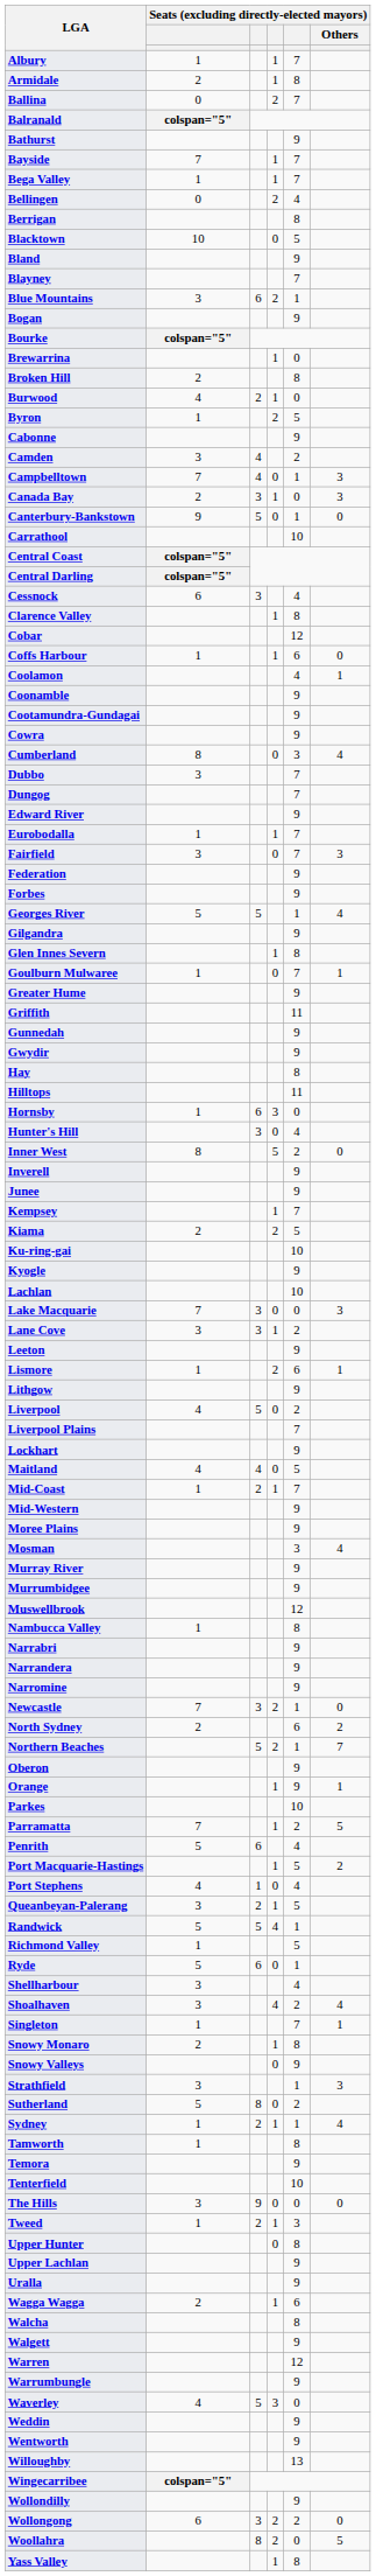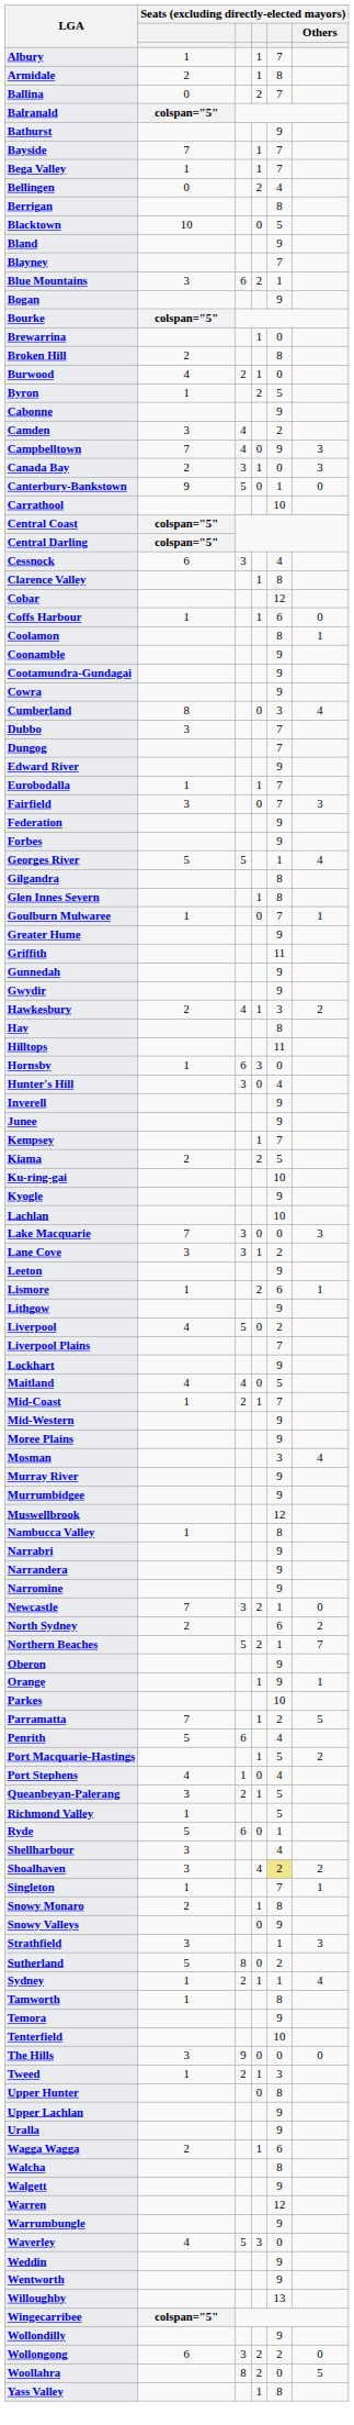 <table class="wikitable sortable">
 <tr>
 <th rowspan="3">LGA</th>
 <th colspan="5">Seats (excluding directly-elected mayors)</th>
 </tr>
 <tr>
 <th></th>
 <th></th>
 <th></th>
 <th></th>
 <th>Others</th>
 </tr>
 <tr>
 <th></th>
 <th></th>
 <th></th>
 <th></th>
 <th class=unsortable></th>
 </tr>
 <tr>
 <td align="left"; style=background:#EAECF0><strong><a href='#'>Albury</a></strong></td>
 <td align="center">1</td>
 <td></td>
 <td align="center">1</td>
 <td align="center">7</td>
 <td></td>
 </tr>
 <tr>
 <td align="left"; style=background:#EAECF0><strong><a href='#'>Armidale</a></strong></td>
 <td align="center">2</td>
 <td></td>
 <td align="center">1</td>
 <td align="center">8</td>
 <td></td>
 </tr>
 <tr>
 <td align="left"; style=background:#EAECF0><strong><a href='#'>Ballina</a></strong></td>
 <td align="center">0</td>
 <td></td>
 <td align="center">2</td>
 <td align="center">7</td>
 <td></td>
 </tr>
 <tr>
 <td align="left"; style=background:#EAECF0><strong><a href='#'>Balranald</a></strong></td>
 <th>colspan="5" </th>
 </tr>
 <tr>
 <td align="left"; style=background:#EAECF0><strong><a href='#'>Bathurst</a></strong></td>
 <td></td>
 <td></td>
 <td></td>
 <td align="center">9</td>
 <td></td>
 </tr>
 <tr>
 <td align="left"; style=background:#EAECF0><strong><a href='#'>Bayside</a></strong></td>
 <td align="center">7</td>
 <td></td>
 <td align="center">1</td>
 <td align="center">7</td>
 <td></td>
 </tr>
 <tr>
 <td align="left"; style=background:#EAECF0><strong><a href='#'>Bega Valley</a></strong></td>
 <td align="center">1</td>
 <td></td>
 <td align="center">1</td>
 <td align="center">7</td>
 <td></td>
 </tr>
 <tr>
 <td align="left"; style=background:#EAECF0><strong><a href='#'>Bellingen</a></strong></td>
 <td align="center">0</td>
 <td></td>
 <td align="center">2</td>
 <td align="center">4</td>
 <td></td>
 </tr>
 <tr>
 <td align="left"; style=background:#EAECF0><strong><a href='#'>Berrigan</a></strong></td>
 <td></td>
 <td></td>
 <td></td>
 <td align="center">8</td>
 <td></td>
 </tr>
 <tr>
 <td align="left"; style=background:#EAECF0><strong><a href='#'>Blacktown</a></strong></td>
 <td align="center">10</td>
 <td></td>
 <td align="center">0</td>
 <td align="center">5</td>
 <td></td>
 </tr>
 <tr>
 <td align="left"; style=background:#EAECF0><strong><a href='#'>Bland</a></strong></td>
 <td></td>
 <td></td>
 <td></td>
 <td align="center">9</td>
 <td></td>
 </tr>
 <tr>
 <td align="left"; style=background:#EAECF0><strong><a href='#'>Blayney</a></strong></td>
 <td></td>
 <td></td>
 <td></td>
 <td align="center">7</td>
 <td></td>
 </tr>
 <tr>
 <td align="left"; style=background:#EAECF0><strong><a href='#'>Blue Mountains</a></strong></td>
 <td align="center">3</td>
 <td align="center">6</td>
 <td align="center">2</td>
 <td align="center">1</td>
 <td></td>
 </tr>
 <tr>
 <td align="left"; style=background:#EAECF0><strong><a href='#'>Bogan</a></strong></td>
 <td></td>
 <td></td>
 <td></td>
 <td align="center">9</td>
 <td></td>
 </tr>
 <tr>
 <td align="left"; style=background:#EAECF0><strong><a href='#'>Bourke</a></strong></td>
 <th>colspan="5" </th>
 </tr>
 <tr>
 <td align="left"; style=background:#EAECF0><strong><a href='#'>Brewarrina</a></strong></td>
 <td></td>
 <td></td>
 <td align="center">1</td>
 <td align="center">0</td>
 <td></td>
 </tr>
 <tr>
 <td align="left"; style=background:#EAECF0><strong><a href='#'>Broken Hill</a></strong></td>
 <td align="center">2</td>
 <td></td>
 <td></td>
 <td align="center">8</td>
 <td></td>
 </tr>
 <tr>
 <td align="left"; style=background:#EAECF0><strong><a href='#'>Burwood</a></strong></td>
 <td align="center">4</td>
 <td align="center">2</td>
 <td align="center">1</td>
 <td align="center">0</td>
 <td></td>
 </tr>
 <tr>
 <td align="left"; style=background:#EAECF0><strong><a href='#'>Byron</a></strong></td>
 <td align="center">1</td>
 <td></td>
 <td align="center">2</td>
 <td align="center">5</td>
 <td></td>
 </tr>
 <tr>
 <td align="left"; style=background:#EAECF0><strong><a href='#'>Cabonne</a></strong></td>
 <td></td>
 <td></td>
 <td></td>
 <td align="center">9</td>
 <td></td>
 </tr>
 <tr>
 <td align="left"; style=background:#EAECF0><strong><a href='#'>Camden</a></strong></td>
 <td align="center">3</td>
 <td align="center">4</td>
 <td></td>
 <td align="center">2</td>
 <td></td>
 </tr>
 <tr>
 <td align="left"; style=background:#EAECF0><strong><a href='#'>Campbelltown</a></strong></td>
 <td align="center">7</td>
 <td align="center">4</td>
 <td align="center">0</td>
-<td align="center">1</td>
+<td align="center">9</td>
 <td align="center">3</td>
 </tr>
 <tr>
 <td align="left"; style=background:#EAECF0><strong><a href='#'>Canada Bay</a></strong></td>
 <td align="center">2</td>
 <td align="center">3</td>
 <td align="center">1</td>
 <td align="center">0</td>
 <td align="center">3</td>
 </tr>
 <tr>
 <td align="left"; style=background:#EAECF0><strong><a href='#'>Canterbury-Bankstown</a></strong></td>
 <td align="center">9</td>
 <td align="center">5</td>
 <td align="center">0</td>
 <td align="center">1</td>
 <td align="center">0</td>
 </tr>
 <tr>
 <td align="left"; style=background:#EAECF0><strong><a href='#'>Carrathool</a></strong></td>
 <td></td>
 <td></td>
 <td></td>
 <td align="center">10</td>
 <td></td>
 </tr>
 <tr>
 <td align="left"; style=background:#EAECF0><strong><a href='#'>Central Coast</a></strong></td>
 <th>colspan="5" </th>
 </tr>
 <tr>
 <td align="left"; style=background:#EAECF0><strong><a href='#'>Central Darling</a></strong></td>
 <th>colspan="5" </th>
 </tr>
 <tr>
 <td align="left"; style=background:#EAECF0><strong><a href='#'>Cessnock</a></strong></td>
 <td align="center">6</td>
 <td align="center">3</td>
 <td></td>
 <td align="center">4</td>
 <td></td>
 </tr>
 <tr>
 <td align="left"; style=background:#EAECF0><strong><a href='#'>Clarence Valley</a></strong></td>
 <td></td>
 <td></td>
 <td align="center">1</td>
 <td align="center">8</td>
 <td></td>
 </tr>
 <tr>
 <td align="left"; style=background:#EAECF0><strong><a href='#'>Cobar</a></strong></td>
 <td></td>
 <td></td>
 <td></td>
 <td align="center">12</td>
 <td></td>
 </tr>
 <tr>
 <td align="left"; style=background:#EAECF0><strong><a href='#'>Coffs Harbour</a></strong></td>
 <td align="center">1</td>
 <td></td>
 <td align="center">1</td>
 <td align="center">6</td>
 <td align="center">0</td>
 </tr>
 <tr>
 <td align="left"; style=background:#EAECF0><strong><a href='#'>Coolamon</a></strong></td>
 <td></td>
 <td></td>
 <td></td>
-<td align="center">4</td>
+<td align="center">8</td>
 <td align="center">1</td>
 </tr>
 <tr>
 <td align="left"; style=background:#EAECF0><strong><a href='#'>Coonamble</a></strong></td>
 <td></td>
 <td></td>
 <td></td>
 <td align="center">9</td>
 <td></td>
 </tr>
 <tr>
 <td align="left"; style=background:#EAECF0><strong><a href='#'>Cootamundra-Gundagai</a></strong></td>
 <td></td>
 <td></td>
 <td></td>
 <td align="center">9</td>
 <td></td>
 </tr>
 <tr>
 <td align="left"; style=background:#EAECF0><strong><a href='#'>Cowra</a></strong></td>
 <td></td>
 <td></td>
 <td></td>
 <td align="center">9</td>
 <td></td>
 </tr>
 <tr>
 <td align="left"; style=background:#EAECF0><strong><a href='#'>Cumberland</a></strong></td>
 <td align="center">8</td>
 <td></td>
 <td align="center">0</td>
 <td align="center">3</td>
 <td align="center">4</td>
 </tr>
 <tr>
 <td align="left"; style=background:#EAECF0><strong><a href='#'>Dubbo</a></strong></td>
 <td align="center">3</td>
 <td></td>
 <td></td>
 <td align="center">7</td>
 <td></td>
 </tr>
 <tr>
 <td align="left"; style=background:#EAECF0><strong><a href='#'>Dungog</a></strong></td>
 <td></td>
 <td></td>
 <td></td>
 <td align="center">7</td>
 <td></td>
 </tr>
 <tr>
 <td align="left"; style=background:#EAECF0><strong><a href='#'>Edward River</a></strong></td>
 <td></td>
 <td></td>
 <td></td>
 <td align="center">9</td>
 <td></td>
 </tr>
 <tr>
 <td align="left"; style=background:#EAECF0><strong><a href='#'>Eurobodalla</a></strong></td>
 <td align="center">1</td>
 <td></td>
 <td align="center">1</td>
 <td align="center">7</td>
 <td></td>
 </tr>
 <tr>
 <td align="left"; style=background:#EAECF0><strong><a href='#'>Fairfield</a></strong></td>
 <td align="center">3</td>
 <td></td>
 <td align="center">0</td>
 <td align="center">7</td>
 <td align="center">3</td>
 </tr>
 <tr>
 <td align="left"; style=background:#EAECF0><strong><a href='#'>Federation</a></strong></td>
 <td></td>
 <td></td>
 <td></td>
 <td align="center">9</td>
 <td></td>
 </tr>
 <tr>
 <td align="left"; style=background:#EAECF0><strong><a href='#'>Forbes</a></strong></td>
 <td></td>
 <td></td>
 <td></td>
 <td align="center">9</td>
 <td></td>
 </tr>
 <tr>
 <td align="left"; style=background:#EAECF0><strong><a href='#'>Georges River</a></strong></td>
 <td align="center">5</td>
 <td align="center">5</td>
 <td></td>
 <td align="center">1</td>
 <td align="center">4</td>
 </tr>
 <tr>
 <td align="left"; style=background:#EAECF0><strong><a href='#'>Gilgandra</a></strong></td>
 <td></td>
 <td></td>
 <td></td>
-<td align="center">9</td>
+<td align="center">8</td>
 <td></td>
 </tr>
 <tr>
 <td align="left"; style=background:#EAECF0><strong><a href='#'>Glen Innes Severn</a></strong></td>
 <td></td>
 <td></td>
 <td align="center">1</td>
 <td align="center">8</td>
 <td></td>
 </tr>
 <tr>
 <td align="left"; style=background:#EAECF0><strong><a href='#'>Goulburn Mulwaree</a></strong></td>
 <td align="center">1</td>
 <td></td>
 <td align="center">0</td>
 <td align="center">7</td>
 <td align="center">1</td>
 </tr>
 <tr>
 <td align="left"; style=background:#EAECF0><strong><a href='#'>Greater Hume</a></strong></td>
 <td></td>
 <td></td>
 <td></td>
 <td align="center">9</td>
 <td></td>
 </tr>
 <tr>
 <td align="left"; style=background:#EAECF0><strong><a href='#'>Griffith</a></strong></td>
 <td></td>
 <td></td>
 <td></td>
 <td align="center">11</td>
 <td></td>
 </tr>
 <tr>
 <td align="left"; style=background:#EAECF0><strong><a href='#'>Gunnedah</a></strong></td>
 <td></td>
 <td></td>
 <td></td>
 <td align="center">9</td>
 <td></td>
 </tr>
 <tr>
 <td align="left"; style=background:#EAECF0><strong><a href='#'>Gwydir</a></strong></td>
 <td></td>
 <td></td>
 <td></td>
 <td align="center">9</td>
 <td></td>
 </tr>
 <tr>
+<td align="left"; style=background:#EAECF0><strong><a href='#'>Hawkesbury</a></strong></td>
+<td align="center">2</td>
+<td align="center">4</td>
+<td align="center">1</td>
+<td align="center">3</td>
+<td align="center">2</td>
+</tr>
+<tr>
 <td align="left"; style=background:#EAECF0><strong><a href='#'>Hay</a></strong></td>
 <td></td>
 <td></td>
 <td></td>
 <td align="center">8</td>
 <td></td>
 </tr>
 <tr>
 <td align="left"; style=background:#EAECF0><strong><a href='#'>Hilltops</a></strong></td>
 <td></td>
 <td></td>
 <td></td>
 <td align="center">11</td>
 <td></td>
 </tr>
 <tr>
 <td align="left"; style=background:#EAECF0><strong><a href='#'>Hornsby</a></strong></td>
 <td align="center">1</td>
 <td align="center">6</td>
 <td align="center">3</td>
 <td align="center">0</td>
 <td></td>
 </tr>
 <tr>
 <td align="left"; style=background:#EAECF0><strong><a href='#'>Hunter's Hill</a></strong></td>
 <td></td>
 <td align="center">3</td>
 <td align="center">0</td>
 <td align="center">4</td>
 <td></td>
-</tr>
-<tr>
-<td align="left"; style=background:#EAECF0><strong><a href='#'>Inner West</a></strong></td>
-<td align="center">8</td>
-<td></td>
-<td align="center">5</td>
-<td align="center">2</td>
-<td align="center">0</td>
 </tr>
 <tr>
 <td align="left"; style=background:#EAECF0><strong><a href='#'>Inverell</a></strong></td>
 <td></td>
 <td></td>
 <td></td>
 <td align="center">9</td>
 <td></td>
 </tr>
 <tr>
 <td align="left"; style=background:#EAECF0><strong><a href='#'>Junee</a></strong></td>
 <td></td>
 <td></td>
 <td></td>
 <td align="center">9</td>
 <td></td>
 </tr>
 <tr>
 <td align="left"; style=background:#EAECF0><strong><a href='#'>Kempsey</a></strong></td>
 <td></td>
 <td></td>
 <td align="center">1</td>
 <td align="center">7</td>
 <td></td>
 </tr>
 <tr>
 <td align="left"; style=background:#EAECF0><strong><a href='#'>Kiama</a></strong></td>
 <td align="center">2</td>
 <td></td>
 <td align="center">2</td>
 <td align="center">5</td>
 <td></td>
 </tr>
 <tr>
 <td align="left"; style=background:#EAECF0><strong><a href='#'>Ku-ring-gai</a></strong></td>
 <td></td>
 <td></td>
 <td></td>
 <td align="center">10</td>
 <td></td>
 </tr>
 <tr>
 <td align="left"; style=background:#EAECF0><strong><a href='#'>Kyogle</a></strong></td>
 <td></td>
 <td></td>
 <td></td>
 <td align="center">9</td>
 <td></td>
 </tr>
 <tr>
 <td align="left"; style=background:#EAECF0><strong><a href='#'>Lachlan</a></strong></td>
 <td></td>
 <td></td>
 <td></td>
 <td align="center">10</td>
 <td></td>
 </tr>
 <tr>
 <td align="left"; style=background:#EAECF0><strong><a href='#'>Lake Macquarie</a></strong></td>
 <td align="center">7</td>
 <td align="center">3</td>
 <td align="center">0</td>
 <td align="center">0</td>
 <td align="center">3</td>
 </tr>
 <tr>
 <td align="left"; style=background:#EAECF0><strong><a href='#'>Lane Cove</a></strong></td>
 <td align="center">3</td>
 <td align="center">3</td>
 <td align="center">1</td>
 <td align="center">2</td>
 <td></td>
 </tr>
 <tr>
 <td align="left"; style=background:#EAECF0><strong><a href='#'>Leeton</a></strong></td>
 <td></td>
 <td></td>
 <td></td>
 <td align="center">9</td>
 <td></td>
 </tr>
 <tr>
 <td align="left"; style=background:#EAECF0><strong><a href='#'>Lismore</a></strong></td>
 <td align="center">1</td>
 <td></td>
 <td align="center">2</td>
 <td align="center">6</td>
 <td align="center">1</td>
 </tr>
 <tr>
 <td align="left"; style=background:#EAECF0><strong><a href='#'>Lithgow</a></strong></td>
 <td></td>
 <td></td>
 <td></td>
 <td align="center">9</td>
 <td></td>
 </tr>
 <tr>
 <td align="left"; style=background:#EAECF0><strong><a href='#'>Liverpool</a></strong></td>
 <td align="center">4</td>
 <td align="center">5</td>
 <td align="center">0</td>
 <td align="center">2</td>
 <td></td>
 </tr>
 <tr>
 <td align="left"; style=background:#EAECF0><strong><a href='#'>Liverpool Plains</a></strong></td>
 <td></td>
 <td></td>
 <td></td>
 <td align="center">7</td>
 <td></td>
 </tr>
 <tr>
 <td align="left"; style=background:#EAECF0><strong><a href='#'>Lockhart</a></strong></td>
 <td></td>
 <td></td>
 <td></td>
 <td align="center">9</td>
 <td></td>
 </tr>
 <tr>
 <td align="left"; style=background:#EAECF0><strong><a href='#'>Maitland</a></strong></td>
 <td align="center">4</td>
 <td align="center">4</td>
 <td align="center">0</td>
 <td align="center">5</td>
 <td></td>
 </tr>
 <tr>
 <td align="left"; style=background:#EAECF0><strong><a href='#'>Mid-Coast</a></strong></td>
 <td align="center">1</td>
 <td align="center">2</td>
 <td align="center">1</td>
 <td align="center">7</td>
 <td></td>
 </tr>
 <tr>
 <td align="left"; style=background:#EAECF0><strong><a href='#'>Mid-Western</a></strong></td>
 <td></td>
 <td></td>
 <td></td>
 <td align="center">9</td>
 <td></td>
 </tr>
 <tr>
 <td align="left"; style=background:#EAECF0><strong><a href='#'>Moree Plains</a></strong></td>
 <td></td>
 <td></td>
 <td></td>
 <td align="center">9</td>
 <td></td>
 </tr>
 <tr>
 <td align="left"; style=background:#EAECF0><strong><a href='#'>Mosman</a></strong></td>
 <td></td>
 <td></td>
 <td></td>
 <td align="center">3</td>
 <td align="center">4</td>
 </tr>
 <tr>
 <td align="left"; style=background:#EAECF0><strong><a href='#'>Murray River</a></strong></td>
 <td></td>
 <td></td>
 <td></td>
 <td align="center">9</td>
 <td></td>
 </tr>
 <tr>
 <td align="left"; style=background:#EAECF0><strong><a href='#'>Murrumbidgee</a></strong></td>
 <td></td>
 <td></td>
 <td></td>
 <td align="center">9</td>
 <td></td>
 </tr>
 <tr>
 <td align="left"; style=background:#EAECF0><strong><a href='#'>Muswellbrook</a></strong></td>
 <td></td>
 <td></td>
 <td></td>
 <td align="center">12</td>
 <td></td>
 </tr>
 <tr>
 <td align="left"; style=background:#EAECF0><strong><a href='#'>Nambucca Valley</a></strong></td>
 <td align="center">1</td>
 <td></td>
 <td></td>
 <td align="center">8</td>
 <td></td>
 </tr>
 <tr>
 <td align="left"; style=background:#EAECF0><strong><a href='#'>Narrabri</a></strong></td>
 <td></td>
 <td></td>
 <td></td>
 <td align="center">9</td>
 <td></td>
 </tr>
 <tr>
 <td align="left"; style=background:#EAECF0><strong><a href='#'>Narrandera</a></strong></td>
 <td></td>
 <td></td>
 <td></td>
 <td align="center">9</td>
 <td></td>
 </tr>
 <tr>
 <td align="left"; style=background:#EAECF0><strong><a href='#'>Narromine</a></strong></td>
 <td></td>
 <td></td>
 <td></td>
 <td align="center">9</td>
 <td></td>
 </tr>
 <tr>
 <td align="left"; style=background:#EAECF0><strong><a href='#'>Newcastle</a></strong></td>
 <td align="center">7</td>
 <td align="center">3</td>
 <td align="center">2</td>
 <td align="center">1</td>
 <td align="center">0</td>
 </tr>
 <tr>
 <td align="left"; style=background:#EAECF0><strong><a href='#'>North Sydney</a></strong></td>
 <td align="center">2</td>
 <td></td>
 <td></td>
 <td align="center">6</td>
 <td align="center">2</td>
 </tr>
 <tr>
 <td align="left"; style=background:#EAECF0><strong><a href='#'>Northern Beaches</a></strong></td>
 <td></td>
 <td align="center">5</td>
 <td align="center">2</td>
 <td align="center">1</td>
 <td align="center">7</td>
 </tr>
 <tr>
 <td align="left"; style=background:#EAECF0><strong><a href='#'>Oberon</a></strong></td>
 <td></td>
 <td></td>
 <td></td>
 <td align="center">9</td>
 <td></td>
 </tr>
 <tr>
 <td align="left"; style=background:#EAECF0><strong><a href='#'>Orange</a></strong></td>
 <td></td>
 <td></td>
 <td align="center">1</td>
 <td align="center">9</td>
 <td align="center">1</td>
 </tr>
 <tr>
 <td align="left"; style=background:#EAECF0><strong><a href='#'>Parkes</a></strong></td>
 <td></td>
 <td></td>
 <td></td>
 <td align="center">10</td>
 <td></td>
 </tr>
 <tr>
 <td align="left"; style=background:#EAECF0><strong><a href='#'>Parramatta</a></strong></td>
 <td align="center">7</td>
 <td></td>
 <td align="center">1</td>
 <td align="center">2</td>
 <td align="center">5</td>
 </tr>
 <tr>
 <td align="left"; style=background:#EAECF0><strong><a href='#'>Penrith</a></strong></td>
 <td align="center">5</td>
 <td align="center">6</td>
 <td></td>
 <td align="center">4</td>
 <td></td>
 </tr>
 <tr>
 <td align="left"; style=background:#EAECF0><strong><a href='#'>Port Macquarie-Hastings</a></strong></td>
 <td></td>
 <td></td>
 <td align="center">1</td>
 <td align="center">5</td>
 <td align="center">2</td>
 </tr>
 <tr>
 <td align="left"; style=background:#EAECF0><strong><a href='#'>Port Stephens</a></strong></td>
 <td align="center">4</td>
 <td align="center">1</td>
 <td align="center">0</td>
 <td align="center">4</td>
 <td></td>
 </tr>
 <tr>
 <td align="left"; style=background:#EAECF0><strong><a href='#'>Queanbeyan-Palerang</a></strong></td>
 <td align="center">3</td>
 <td align="center">2</td>
 <td align="center">1</td>
 <td align="center">5</td>
 <td></td>
 </tr>
 <tr>
-<td align="left"; style=background:#EAECF0><strong><a href='#'>Randwick</a></strong></td>
-<td align="center">5</td>
-<td align="center">5</td>
-<td align="center">4</td>
-<td align="center">1</td>
-<td></td>
-</tr>
-<tr>
 <td align="left"; style=background:#EAECF0><strong><a href='#'>Richmond Valley</a></strong></td>
 <td align="center">1</td>
 <td></td>
 <td></td>
 <td align="center">5</td>
 <td></td>
 </tr>
 <tr>
 <td align="left"; style=background:#EAECF0><strong><a href='#'>Ryde</a></strong></td>
 <td align="center">5</td>
 <td align="center">6</td>
 <td align="center">0</td>
 <td align="center">1</td>
 <td></td>
 </tr>
 <tr>
 <td align="left"; style=background:#EAECF0><strong><a href='#'>Shellharbour</a></strong></td>
 <td align="center">3</td>
 <td></td>
 <td></td>
 <td align="center">4</td>
 <td></td>
 </tr>
 <tr>
 <td align="left"; style=background:#EAECF0><strong><a href='#'>Shoalhaven</a></strong></td>
 <td align="center">3</td>
 <td></td>
 <td align="center">4</td>
+<td align="center" style="background: khaki;">2</td>
 <td align="center">2</td>
-<td align="center">4</td>
 </tr>
 <tr>
 <td align="left"; style=background:#EAECF0><strong><a href='#'>Singleton</a></strong></td>
 <td align="center">1</td>
 <td></td>
 <td></td>
 <td align="center">7</td>
 <td align="center">1</td>
 </tr>
 <tr>
 <td align="left"; style=background:#EAECF0><strong><a href='#'>Snowy Monaro</a></strong></td>
 <td align="center">2</td>
 <td></td>
 <td align="center">1</td>
 <td align="center">8</td>
 <td></td>
 </tr>
 <tr>
 <td align="left"; style=background:#EAECF0><strong><a href='#'>Snowy Valleys</a></strong></td>
 <td></td>
 <td></td>
 <td align="center">0</td>
 <td align="center">9</td>
 <td></td>
 </tr>
 <tr>
 <td align="left"; style=background:#EAECF0><strong><a href='#'>Strathfield</a></strong></td>
 <td align="center">3</td>
 <td></td>
 <td></td>
 <td align="center">1</td>
 <td align="center">3</td>
 </tr>
 <tr>
 <td align="left"; style=background:#EAECF0><strong><a href='#'>Sutherland</a></strong></td>
 <td align="center">5</td>
 <td align="center">8</td>
 <td align="center">0</td>
 <td align="center">2</td>
 <td></td>
 </tr>
 <tr>
 <td align="left"; style=background:#EAECF0><strong><a href='#'>Sydney</a></strong></td>
 <td align="center">1</td>
 <td align="center">2</td>
 <td align="center">1</td>
 <td align="center">1</td>
 <td align="center">4</td>
 </tr>
 <tr>
 <td align="left"; style=background:#EAECF0><strong><a href='#'>Tamworth</a></strong></td>
 <td align="center">1</td>
 <td></td>
 <td></td>
 <td align="center">8</td>
 <td></td>
 </tr>
 <tr>
 <td align="left"; style=background:#EAECF0><strong><a href='#'>Temora</a></strong></td>
 <td></td>
 <td></td>
 <td></td>
 <td align="center">9</td>
 <td></td>
 </tr>
 <tr>
 <td align="left"; style=background:#EAECF0><strong><a href='#'>Tenterfield</a></strong></td>
 <td></td>
 <td></td>
 <td></td>
 <td align="center">10</td>
 <td></td>
 </tr>
 <tr>
 <td align="left"; style=background:#EAECF0><strong><a href='#'>The Hills</a></strong></td>
 <td align="center">3</td>
 <td align="center">9</td>
 <td align="center">0</td>
 <td align="center">0</td>
 <td align="center">0</td>
 </tr>
 <tr>
 <td align="left"; style=background:#EAECF0><strong><a href='#'>Tweed</a></strong></td>
 <td align="center">1</td>
 <td align="center">2</td>
 <td align="center">1</td>
 <td align="center">3</td>
 <td></td>
 </tr>
 <tr>
 <td align="left"; style=background:#EAECF0><strong><a href='#'>Upper Hunter</a></strong></td>
 <td></td>
 <td></td>
 <td align="center">0</td>
 <td align="center">8</td>
 <td></td>
 </tr>
 <tr>
 <td align="left"; style=background:#EAECF0><strong><a href='#'>Upper Lachlan</a></strong></td>
 <td></td>
 <td></td>
 <td></td>
 <td align="center">9</td>
 <td></td>
 </tr>
 <tr>
 <td align="left"; style=background:#EAECF0><strong><a href='#'>Uralla</a></strong></td>
 <td></td>
 <td></td>
 <td></td>
 <td align="center">9</td>
 <td></td>
 </tr>
 <tr>
 <td align="left"; style=background:#EAECF0><strong><a href='#'>Wagga Wagga</a></strong></td>
 <td align="center">2</td>
 <td></td>
 <td align="center">1</td>
 <td align="center">6</td>
 <td></td>
 </tr>
 <tr>
 <td align="left"; style=background:#EAECF0><strong><a href='#'>Walcha</a></strong></td>
 <td></td>
 <td></td>
 <td></td>
 <td align="center">8</td>
 <td></td>
 </tr>
 <tr>
 <td align="left"; style=background:#EAECF0><strong><a href='#'>Walgett</a></strong></td>
 <td></td>
 <td></td>
 <td></td>
 <td align="center">9</td>
 <td></td>
 </tr>
 <tr>
 <td align="left"; style=background:#EAECF0><strong><a href='#'>Warren</a></strong></td>
 <td></td>
 <td></td>
 <td></td>
 <td align="center">12</td>
 <td></td>
 </tr>
 <tr>
 <td align="left"; style=background:#EAECF0><strong><a href='#'>Warrumbungle</a></strong></td>
 <td></td>
 <td></td>
 <td></td>
 <td align="center">9</td>
 <td></td>
 </tr>
 <tr>
 <td align="left"; style=background:#EAECF0><strong><a href='#'>Waverley</a></strong></td>
 <td align="center">4</td>
 <td align="center">5</td>
 <td align="center">3</td>
 <td align="center">0</td>
 <td></td>
 </tr>
 <tr>
 <td align="left"; style=background:#EAECF0><strong><a href='#'>Weddin</a></strong></td>
 <td></td>
 <td></td>
 <td></td>
 <td align="center">9</td>
 <td></td>
 </tr>
 <tr>
 <td align="left"; style=background:#EAECF0><strong><a href='#'>Wentworth</a></strong></td>
 <td></td>
 <td></td>
 <td></td>
 <td align="center">9</td>
 <td></td>
 </tr>
 <tr>
 <td align="left"; style=background:#EAECF0><strong><a href='#'>Willoughby</a></strong></td>
 <td></td>
 <td></td>
 <td></td>
 <td align="center">13</td>
 <td></td>
 </tr>
 <tr>
 <td align="left"; style=background:#EAECF0><strong><a href='#'>Wingecarribee</a></strong></td>
 <th>colspan="5" </th>
 </tr>
 <tr>
 <td align="left"; style=background:#EAECF0><strong><a href='#'>Wollondilly</a></strong></td>
 <td></td>
 <td></td>
 <td></td>
 <td align="center">9</td>
 <td></td>
 </tr>
 <tr>
 <td align="left"; style=background:#EAECF0><strong><a href='#'>Wollongong</a></strong></td>
 <td align="center">6</td>
 <td align="center">3</td>
 <td align="center">2</td>
 <td align="center">2</td>
 <td align="center">0</td>
 </tr>
 <tr>
 <td align="left"; style=background:#EAECF0><strong><a href='#'>Woollahra</a></strong></td>
 <td></td>
 <td align="center">8</td>
 <td align="center">2</td>
 <td align="center">0</td>
 <td align="center">5</td>
 </tr>
 <tr>
 <td align="left"; style=background:#EAECF0><strong><a href='#'>Yass Valley</a></strong></td>
 <td></td>
 <td></td>
 <td align="center">1</td>
 <td align="center">8</td>
 <td></td>
 </tr>
 </table>
